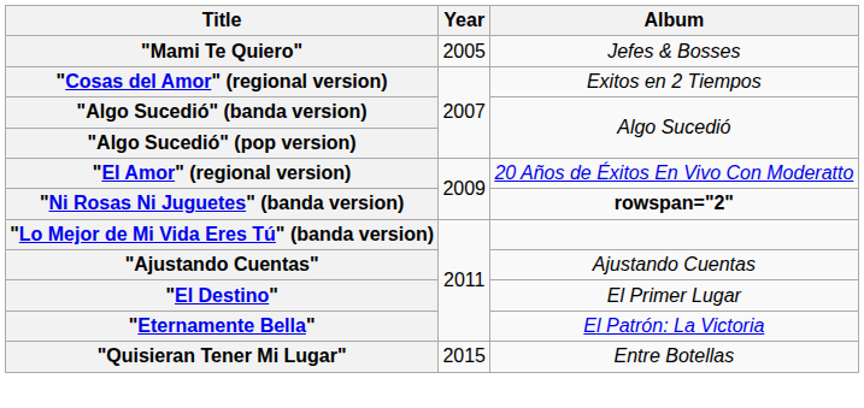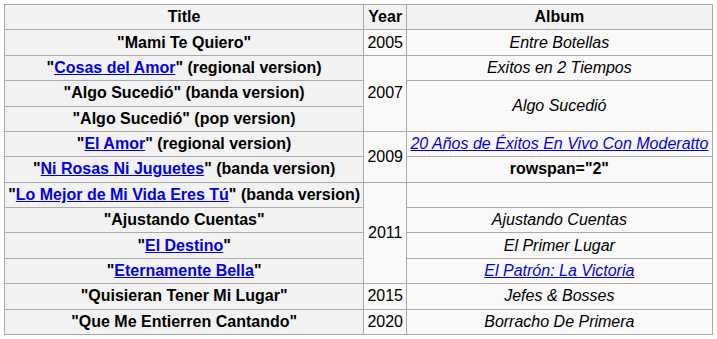 <table class="wikitable plainrowheaders" style="text-align:center;">
 <tr>
 <th scope="col">Title</th>
 <th scope="col">Year</th>
 <th scope="col">Album</th>
 </tr>
 <tr>
 <th scope="row">"Mami Te Quiero" <br></th>
 <td>2005</td>
-<td><em>Jefes & Bosses</em></td>
+<td><em>Entre Botellas</em></td>
 </tr>
 <tr>
 <th scope="row">"<a href='#'>Cosas del Amor</a>" (regional version)<br></th>
 <td rowspan="3">2007</td>
 <td><em>Exitos en 2 Tiempos</em></td>
 </tr>
 <tr>
 <th scope="row">"Algo Sucedió" (banda version)<br></th>
 <td rowspan="2"><em>Algo Sucedió</em></td>
 </tr>
 <tr>
 <th scope="row">"Algo Sucedió" (pop version)<br></th>
 </tr>
 <tr>
 <th scope="row">"<a href='#'>El Amor</a>" (regional version)<br></th>
 <td rowspan="2">2009</td>
 <td><em><a href='#'>20 Años de Éxitos En Vivo Con Moderatto</a></em></td>
 </tr>
 <tr>
 <th scope="row">"<a href='#'>Ni Rosas Ni Juguetes</a>" (banda version)<br></th>
 <td><strong>rowspan="2" </strong></td>
 </tr>
 <tr>
 <th scope="row">"<a href='#'>Lo Mejor de Mi Vida Eres Tú</a>" (banda version)<br></th>
 <td rowspan="4">2011</td>
 </tr>
 <tr>
 <th scope="row">"Ajustando Cuentas"<br></th>
 <td><em>Ajustando Cuentas</em></td>
 </tr>
 <tr>
 <th scope="row">"<a href='#'>El Destino</a>" <br></th>
 <td><em>El Primer Lugar</em></td>
 </tr>
 <tr>
 <th scope="row">"<a href='#'>Eternamente Bella</a>"<br></th>
 <td><em><a href='#'>El Patrón: La Victoria</a></em></td>
 </tr>
 <tr>
 <th scope="row">"Quisieran Tener Mi Lugar"<br></th>
 <td>2015</td>
-<td><em>Entre Botellas</em></td>
+<td><em>Jefes & Bosses</em></td>
+</tr>
+<tr>
+<th scope="row">"Que Me Entierren Cantando"<br></th>
+<td>2020</td>
+<td><em>Borracho De Primera</em></td>
 </tr>
 </table>
